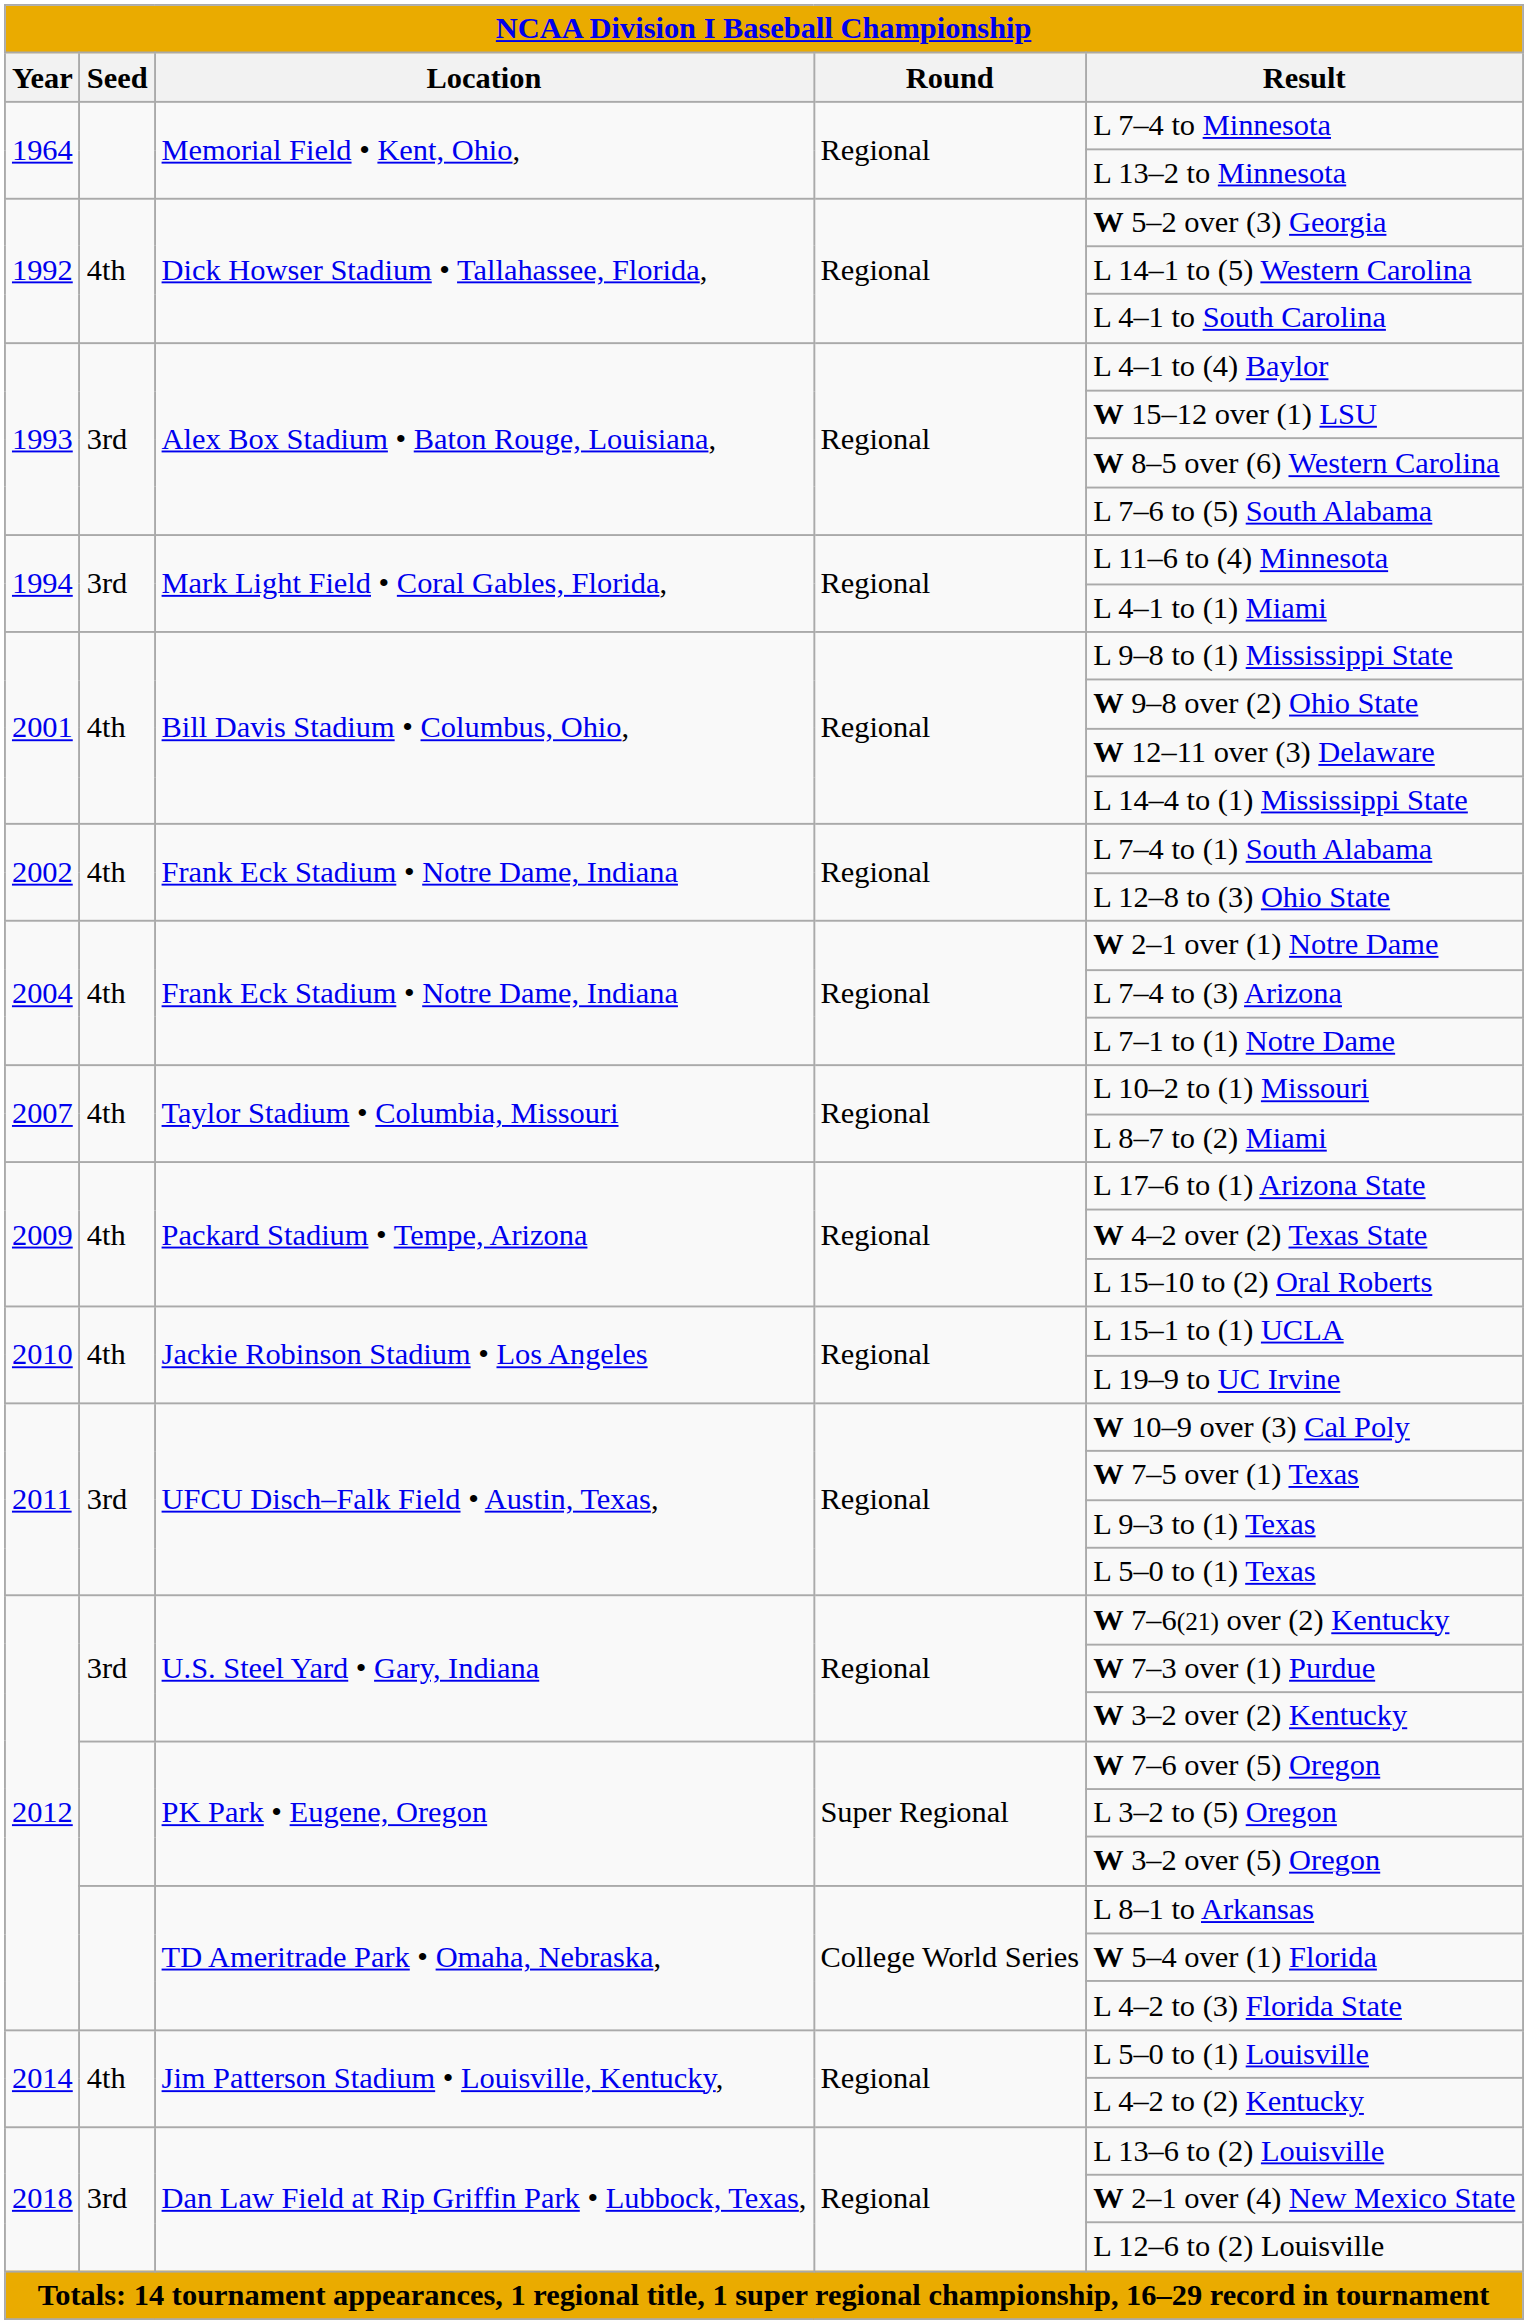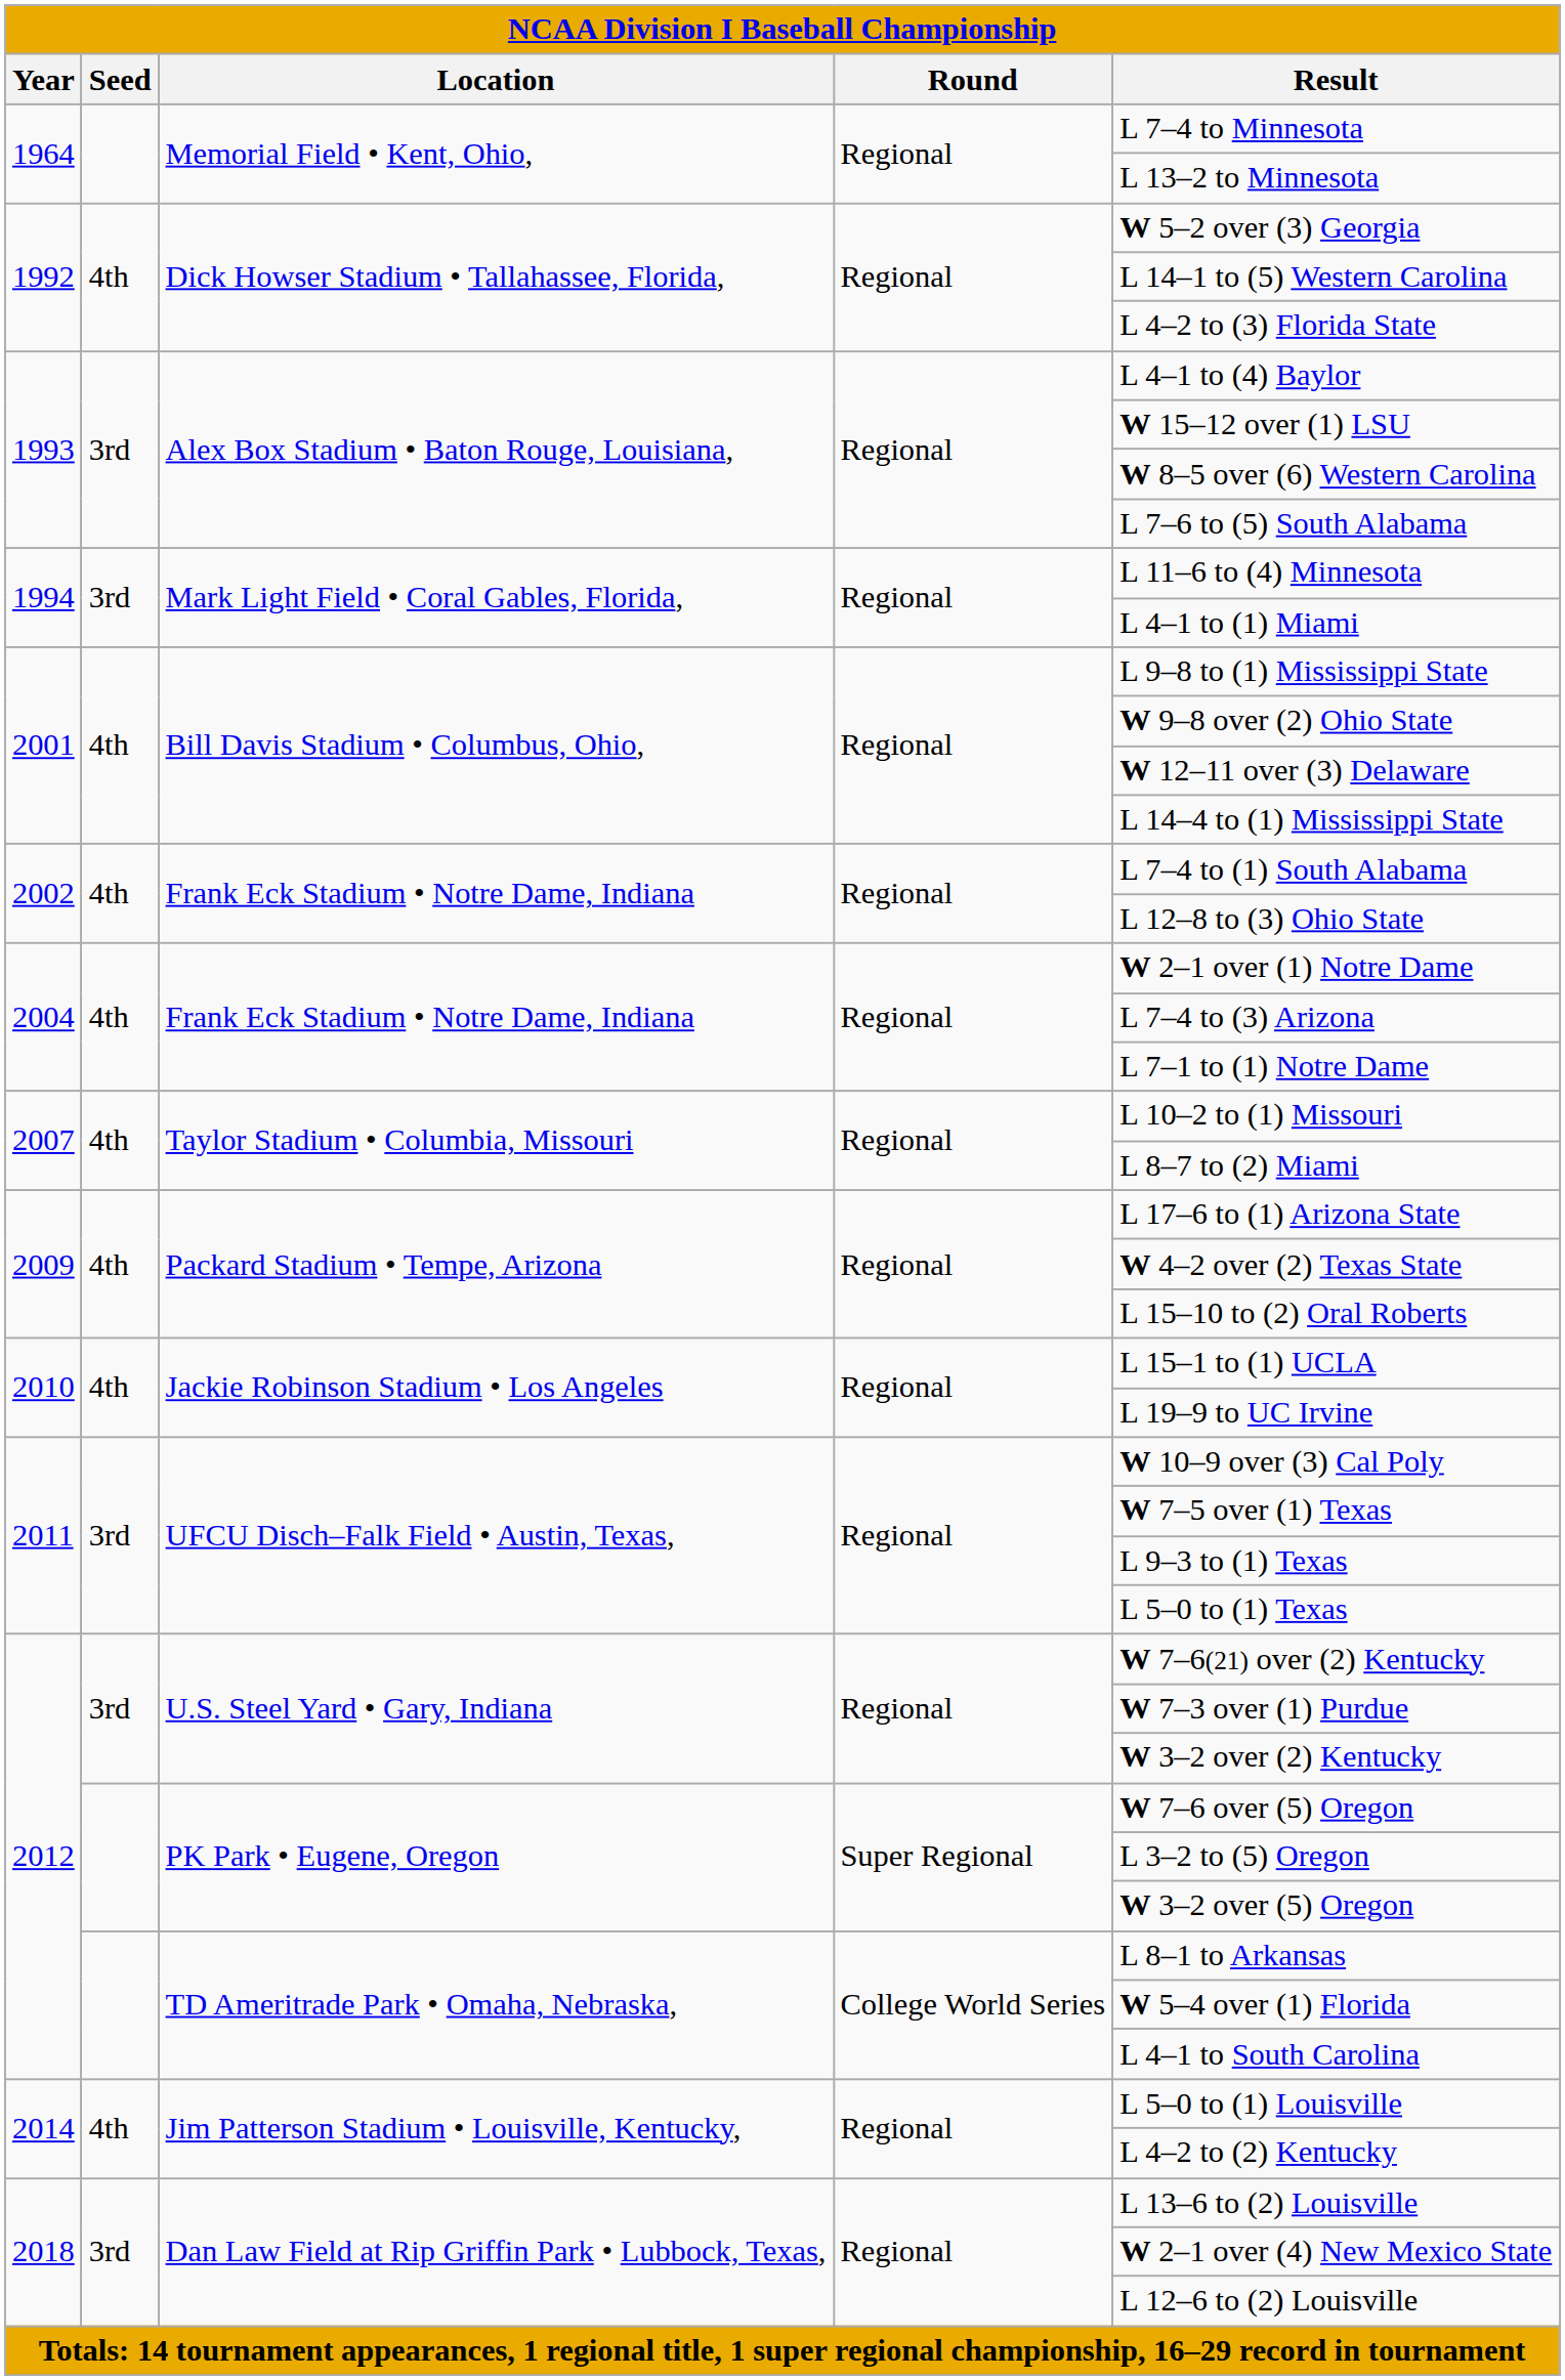 <table class="wikitable">
 <tr>
 <th colspan=6 style="background:#eaab00;"><a href='#'>NCAA Division I Baseball Championship</a></th>
 </tr>
 <tr>
 <th>Year</th>
 <th>Seed</th>
 <th>Location</th>
 <th>Round</th>
 <th>Result</th>
 </tr>
 <tr>
 <td rowspan="2"><a href='#'>1964</a></td>
 <td rowspan="2"></td>
 <td rowspan="2"><a href='#'>Memorial Field</a> • <a href='#'>Kent, Ohio</a>,</td>
 <td rowspan=2>Regional</td>
 <td>L 7–4 to <a href='#'>Minnesota</a></td>
 </tr>
 <tr>
 <td>L 13–2 to <a href='#'>Minnesota</a></td>
 </tr>
 <tr>
 <td rowspan="3"><a href='#'>1992</a></td>
 <td rowspan="3">4th</td>
 <td rowspan="3"><a href='#'>Dick Howser Stadium</a> • <a href='#'>Tallahassee, Florida</a>,</td>
 <td rowspan=3>Regional</td>
 <td><strong>W</strong> 5–2 over (3) <a href='#'>Georgia</a></td>
 </tr>
 <tr>
 <td>L 14–1 to (5) <a href='#'>Western Carolina</a></td>
 </tr>
 <tr>
-<td>L 4–1 to <a href='#'>South Carolina</a></td>
+<td>L 4–2 to (3) <a href='#'>Florida State</a></td>
 </tr>
 <tr>
 <td rowspan="4"><a href='#'>1993</a></td>
 <td rowspan="4">3rd</td>
 <td rowspan="4"><a href='#'>Alex Box Stadium</a> • <a href='#'>Baton Rouge, Louisiana</a>,</td>
 <td rowspan=4>Regional</td>
 <td>L 4–1 to (4) <a href='#'>Baylor</a></td>
 </tr>
 <tr>
 <td><strong>W</strong> 15–12 over (1) <a href='#'>LSU</a></td>
 </tr>
 <tr>
 <td><strong>W</strong> 8–5 over (6) <a href='#'>Western Carolina</a></td>
 </tr>
 <tr>
 <td>L 7–6 to (5) <a href='#'>South Alabama</a></td>
 </tr>
 <tr>
 <td rowspan="2"><a href='#'>1994</a></td>
 <td rowspan="2">3rd</td>
 <td rowspan="2"><a href='#'>Mark Light Field</a> • <a href='#'>Coral Gables, Florida</a>,</td>
 <td rowspan=2>Regional</td>
 <td>L 11–6 to (4) <a href='#'>Minnesota</a></td>
 </tr>
 <tr>
 <td>L 4–1 to (1) <a href='#'>Miami</a></td>
 </tr>
 <tr>
 <td rowspan="4"><a href='#'>2001</a></td>
 <td rowspan="4">4th</td>
 <td rowspan="4"><a href='#'>Bill Davis Stadium</a> • <a href='#'>Columbus, Ohio</a>,</td>
 <td rowspan=4>Regional</td>
 <td>L 9–8 to (1) <a href='#'>Mississippi State</a></td>
 </tr>
 <tr>
 <td><strong>W</strong> 9–8 over (2) <a href='#'>Ohio State</a></td>
 </tr>
 <tr>
 <td><strong>W</strong> 12–11 over (3) <a href='#'>Delaware</a></td>
 </tr>
 <tr>
 <td>L 14–4 to (1) <a href='#'>Mississippi State</a></td>
 </tr>
 <tr>
 <td rowspan="2"><a href='#'>2002</a></td>
 <td rowspan="2">4th</td>
 <td rowspan="2"><a href='#'>Frank Eck Stadium</a> • <a href='#'>Notre Dame, Indiana</a></td>
 <td rowspan=2>Regional</td>
 <td>L 7–4 to (1) <a href='#'>South Alabama</a></td>
 </tr>
 <tr>
 <td>L 12–8 to (3) <a href='#'>Ohio State</a></td>
 </tr>
 <tr>
 <td rowspan="3"><a href='#'>2004</a></td>
 <td rowspan="3">4th</td>
 <td rowspan="3"><a href='#'>Frank Eck Stadium</a> • <a href='#'>Notre Dame, Indiana</a></td>
 <td rowspan=3>Regional</td>
 <td><strong>W</strong> 2–1 over (1) <a href='#'>Notre Dame</a></td>
 </tr>
 <tr>
 <td>L 7–4 to (3) <a href='#'>Arizona</a></td>
 </tr>
 <tr>
 <td>L 7–1 to (1) <a href='#'>Notre Dame</a></td>
 </tr>
 <tr>
 <td rowspan="2"><a href='#'>2007</a></td>
 <td rowspan="2">4th</td>
 <td rowspan="2"><a href='#'>Taylor Stadium</a> • <a href='#'>Columbia, Missouri</a></td>
 <td rowspan=2>Regional</td>
 <td>L 10–2 to (1) <a href='#'>Missouri</a></td>
 </tr>
 <tr>
 <td>L 8–7 to (2) <a href='#'>Miami</a></td>
 </tr>
 <tr>
 <td rowspan="3"><a href='#'>2009</a></td>
 <td rowspan="3">4th</td>
 <td rowspan="3"><a href='#'>Packard Stadium</a> • <a href='#'>Tempe, Arizona</a></td>
 <td rowspan=3>Regional</td>
 <td>L 17–6 to (1) <a href='#'>Arizona State</a></td>
 </tr>
 <tr>
 <td><strong>W</strong> 4–2 over (2) <a href='#'>Texas State</a></td>
 </tr>
 <tr>
 <td>L 15–10 to (2) <a href='#'>Oral Roberts</a></td>
 </tr>
 <tr>
 <td rowspan="2"><a href='#'>2010</a></td>
 <td rowspan="2">4th</td>
 <td rowspan="2"><a href='#'>Jackie Robinson Stadium</a> • <a href='#'>Los Angeles</a></td>
 <td rowspan=2>Regional</td>
 <td>L 15–1 to (1) <a href='#'>UCLA</a></td>
 </tr>
 <tr>
 <td>L 19–9 to <a href='#'>UC Irvine</a></td>
 </tr>
 <tr>
 <td rowspan="4"><a href='#'>2011</a></td>
 <td rowspan="4">3rd</td>
 <td rowspan="4"><a href='#'>UFCU Disch–Falk Field</a> • <a href='#'>Austin, Texas</a>,</td>
 <td rowspan=4>Regional</td>
 <td><strong>W</strong> 10–9 over (3) <a href='#'>Cal Poly</a></td>
 </tr>
 <tr>
 <td><strong>W</strong> 7–5 over (1) <a href='#'>Texas</a></td>
 </tr>
 <tr>
 <td>L 9–3 to (1) <a href='#'>Texas</a></td>
 </tr>
 <tr>
 <td>L 5–0 to (1) <a href='#'>Texas</a></td>
 </tr>
 <tr>
 <td rowspan="9"><a href='#'>2012</a></td>
 <td rowspan="3">3rd</td>
 <td rowspan="3"><a href='#'>U.S. Steel Yard</a> • <a href='#'>Gary, Indiana</a></td>
 <td rowspan=3>Regional</td>
 <td><strong>W</strong> 7–6<small>(21)</small> over (2) <a href='#'>Kentucky</a></td>
 </tr>
 <tr>
 <td><strong>W</strong> 7–3 over (1) <a href='#'>Purdue</a></td>
 </tr>
 <tr>
 <td><strong>W</strong> 3–2 over (2) <a href='#'>Kentucky</a></td>
 </tr>
 <tr>
 <td rowspan=3></td>
 <td rowspan=3><a href='#'>PK Park</a> • <a href='#'>Eugene, Oregon</a></td>
 <td rowspan=3>Super Regional</td>
 <td><strong>W</strong> 7–6 over (5) <a href='#'>Oregon</a></td>
 </tr>
 <tr>
 <td>L 3–2 to (5) <a href='#'>Oregon</a></td>
 </tr>
 <tr>
 <td><strong>W</strong> 3–2 over (5) <a href='#'>Oregon</a></td>
 </tr>
 <tr>
 <td rowspan=3></td>
 <td rowspan=3><a href='#'>TD Ameritrade Park</a> • <a href='#'>Omaha, Nebraska</a>,</td>
 <td rowspan=3>College World Series</td>
 <td>L 8–1 to <a href='#'>Arkansas</a></td>
 </tr>
 <tr>
 <td><strong>W</strong> 5–4 over (1) <a href='#'>Florida</a></td>
 </tr>
 <tr>
-<td>L 4–2 to (3) <a href='#'>Florida State</a></td>
+<td>L 4–1 to <a href='#'>South Carolina</a></td>
 </tr>
 <tr>
 <td rowspan=2><a href='#'>2014</a></td>
 <td rowspan=2>4th</td>
 <td rowspan=2><a href='#'>Jim Patterson Stadium</a> • <a href='#'>Louisville, Kentucky</a>,</td>
 <td rowspan=2>Regional</td>
 <td>L 5–0 to (1) <a href='#'>Louisville</a></td>
 </tr>
 <tr>
 <td>L 4–2 to (2) <a href='#'>Kentucky</a></td>
 </tr>
 <tr>
 <td rowspan=3><a href='#'>2018</a></td>
 <td rowspan=3>3rd</td>
 <td rowspan=3><a href='#'>Dan Law Field at Rip Griffin Park</a> • <a href='#'>Lubbock, Texas</a>,</td>
 <td rowspan=3>Regional</td>
 <td>L 13–6 to (2) <a href='#'>Louisville</a></td>
 </tr>
 <tr>
 <td><strong>W</strong> 2–1 over (4) <a href='#'>New Mexico State</a></td>
 </tr>
 <tr>
 <td>L 12–6 to (2) Louisville</td>
 </tr>
 <tr>
 <th colspan=6 style="background:#eaab00;">Totals: 14 tournament appearances, 1 regional title, 1 super regional championship, 16–29 record in tournament</th>
 </tr>
 </table>
